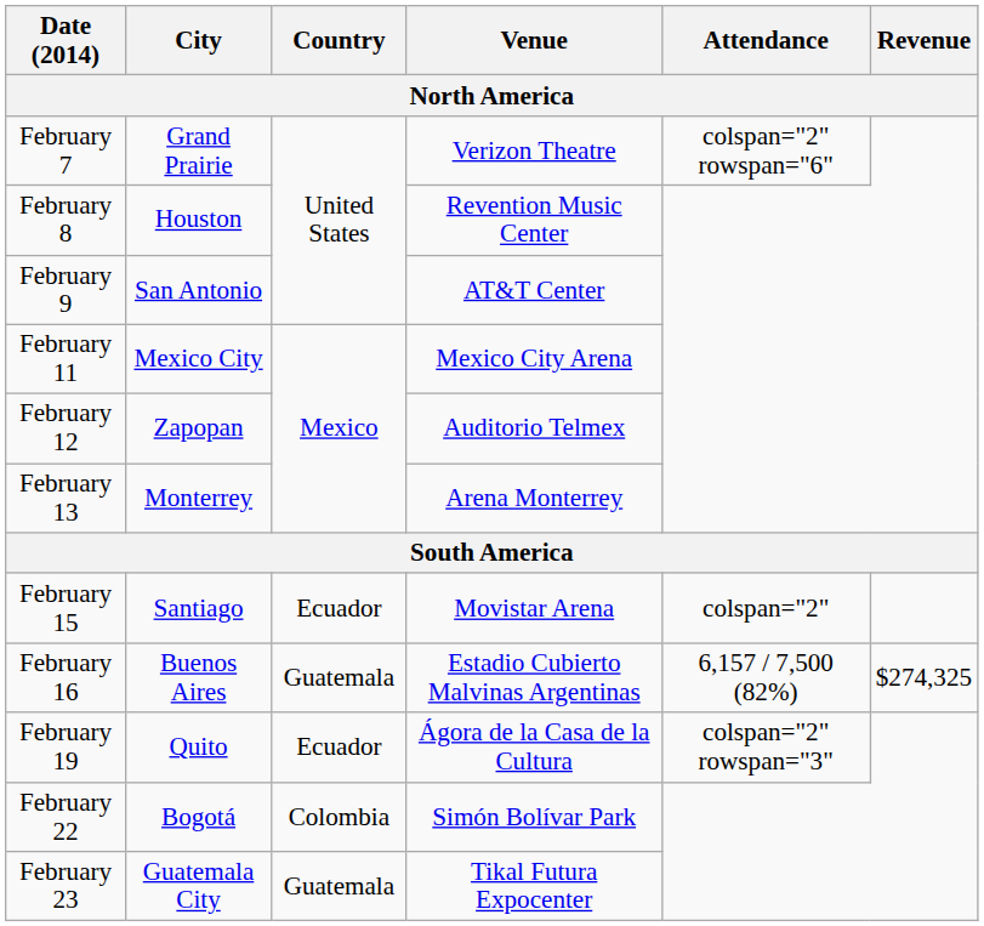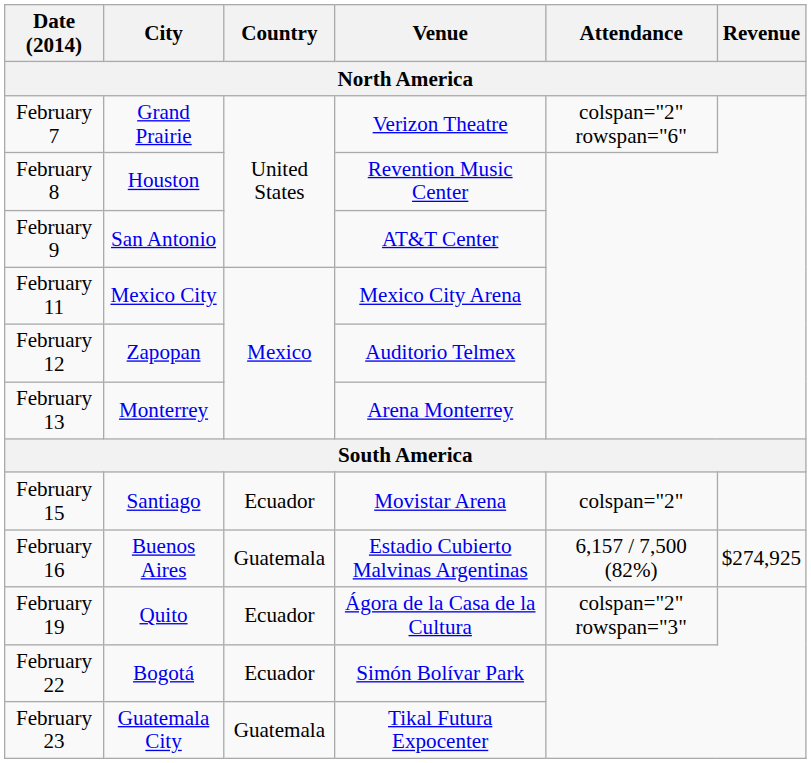 <table class="wikitable" style="text-align:center;">
 <tr>
 <th scope="col">Date (2014)</th>
 <th scope="col">City</th>
 <th scope="col">Country</th>
 <th scope="col">Venue</th>
 <th scope="col">Attendance</th>
 <th scope="col">Revenue</th>
 </tr>
 <tr>
 <th colspan="6"><strong>North America</strong></th>
 </tr>
 <tr Worldwide>
 <td>February 7</td>
 <td><a href='#'>Grand Prairie</a></td>
 <td rowspan="3">United States</td>
 <td><a href='#'>Verizon Theatre</a></td>
 <td>colspan="2" rowspan="6" </td>
 </tr>
 <tr>
 <td>February 8</td>
 <td><a href='#'>Houston</a></td>
 <td><a href='#'>Revention Music Center</a></td>
 </tr>
 <tr>
 <td>February 9</td>
 <td><a href='#'>San Antonio</a></td>
 <td><a href='#'>AT&T Center</a></td>
 </tr>
 <tr>
 <td>February 11</td>
 <td><a href='#'>Mexico City</a></td>
 <td rowspan="3"><a href='#'>Mexico</a></td>
 <td><a href='#'>Mexico City Arena</a></td>
 </tr>
 <tr>
 <td>February 12</td>
 <td><a href='#'>Zapopan</a></td>
 <td><a href='#'>Auditorio Telmex</a></td>
 </tr>
 <tr>
 <td>February 13</td>
 <td><a href='#'>Monterrey</a></td>
 <td><a href='#'>Arena Monterrey</a></td>
 </tr>
 <tr>
 <th colspan="6"><strong>South America</strong></th>
 </tr>
 <tr>
 <td>February 15</td>
 <td><a href='#'>Santiago</a></td>
 <td>Ecuador</td>
 <td><a href='#'>Movistar Arena</a></td>
 <td>colspan="2" </td>
 </tr>
 <tr>
 <td>February 16</td>
 <td><a href='#'>Buenos Aires</a></td>
 <td>Guatemala</td>
 <td><a href='#'>Estadio Cubierto Malvinas Argentinas</a></td>
 <td>6,157 / 7,500 (82%)</td>
-<td>$274,325</td>
+<td>$274,925</td>
 </tr>
 <tr>
 <td>February 19</td>
 <td><a href='#'>Quito</a></td>
 <td>Ecuador</td>
 <td><a href='#'>Ágora de la Casa de la Cultura</a></td>
 <td>colspan="2" rowspan="3" </td>
 </tr>
 <tr>
 <td>February 22</td>
 <td><a href='#'>Bogotá</a></td>
-<td>Colombia</td>
+<td>Ecuador</td>
 <td><a href='#'>Simón Bolívar Park</a></td>
 </tr>
 <tr>
 <td>February 23</td>
 <td><a href='#'>Guatemala City</a></td>
 <td>Guatemala</td>
 <td><a href='#'>Tikal Futura Expocenter</a></td>
 </tr>
 </table>
